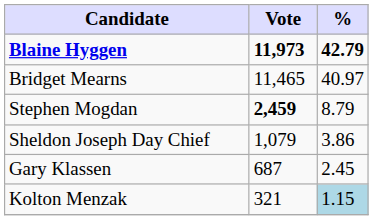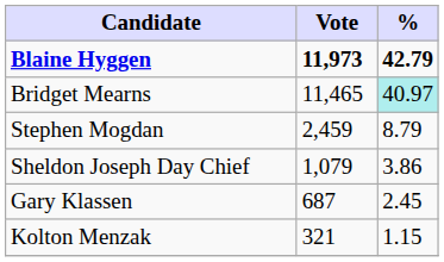 <table class="wikitable">
 <tr>
 <th style="background:#ddf; width:200px;">Candidate</th>
 <th style="background:#ddf; width:50px;">Vote</th>
 <th style="background:#ddf; width:30px;">%</th>
 </tr>
 <tr>
 <td><strong><a href='#'>Blaine Hyggen</a></strong></td>
 <td><strong>11,973</strong></td>
 <td><strong>42.79</strong></td>
 </tr>
 <tr>
 <td>Bridget Mearns</td>
 <td>11,465</td>
-<td>40.97</td>
+<td style="background: paleturquoise;">40.97</td>
 </tr>
 <tr>
 <td>Stephen Mogdan</td>
-<td><strong>2,459</strong></td>
+<td>2,459</td>
 <td>8.79</td>
 </tr>
 <tr>
 <td>Sheldon Joseph Day Chief</td>
 <td>1,079</td>
 <td>3.86</td>
 </tr>
 <tr>
 <td>Gary Klassen</td>
 <td>687</td>
 <td>2.45</td>
 </tr>
 <tr>
 <td>Kolton Menzak</td>
 <td>321</td>
-<td style="background: lightblue;">1.15</td>
+<td>1.15</td>
 </tr>
 <tr>
 </tr>
 </table>
